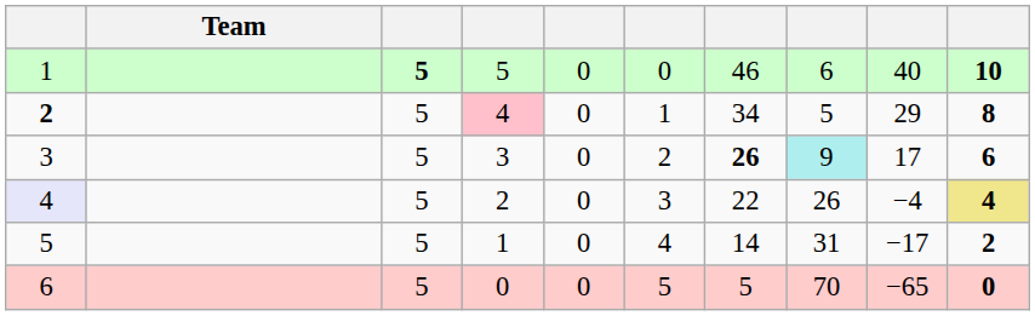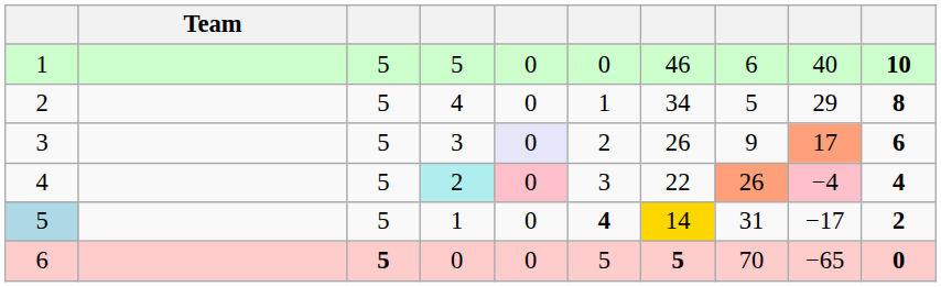 <table class="wikitable" style="text-align:center;">
 <tr>
 <th width=40></th>
 <th width=165>Team</th>
 <th width=40></th>
 <th width=40></th>
 <th width=40></th>
 <th width=40></th>
 <th width=40></th>
 <th width=40></th>
 <th width=40></th>
 <th width=40></th>
 </tr>
 <tr bgcolor="#ccffcc">
 <td>1</td>
 <td align=left></td>
-<td><strong>5</strong></td>
+<td>5</td>
 <td>5</td>
 <td>0</td>
 <td>0</td>
 <td>46</td>
 <td>6</td>
 <td>40</td>
 <td><strong>10</strong></td>
 </tr>
 <tr>
-<td><strong>2</strong></td>
+<td>2</td>
 <td align=left></td>
 <td>5</td>
-<td style="background: pink;">4</td>
+<td>4</td>
 <td>0</td>
 <td>1</td>
 <td>34</td>
 <td>5</td>
 <td>29</td>
 <td><strong>8</strong></td>
 </tr>
 <tr>
 <td>3</td>
 <td align=left></td>
 <td>5</td>
 <td>3</td>
-<td>0</td>
+<td style="background: lavender;">0</td>
 <td>2</td>
-<td><strong>26</strong></td>
-<td style="background: paleturquoise;">9</td>
-<td>17</td>
+<td>26</td>
+<td>9</td>
+<td style="background: lightsalmon;">17</td>
 <td><strong>6</strong></td>
 </tr>
 <tr>
-<td style="background: lavender;">4</td>
+<td>4</td>
 <td align=left></td>
 <td>5</td>
-<td>2</td>
-<td>0</td>
+<td style="background: paleturquoise;">2</td>
+<td style="background: pink;">0</td>
 <td>3</td>
 <td>22</td>
-<td>26</td>
-<td>−4</td>
-<td style="background: khaki;"><strong>4</strong></td>
+<td style="background: lightsalmon;">26</td>
+<td style="background: pink;">−4</td>
+<td><strong>4</strong></td>
 </tr>
 <tr>
-<td>5</td>
+<td style="background: lightblue;">5</td>
 <td align=left></td>
 <td>5</td>
 <td>1</td>
 <td>0</td>
-<td>4</td>
-<td>14</td>
+<td><strong>4</strong></td>
+<td style="background: gold;">14</td>
 <td>31</td>
 <td>−17</td>
 <td><strong>2</strong></td>
 </tr>
 <tr bgcolor="#ffcccc">
 <td>6</td>
 <td align=left></td>
-<td>5</td>
+<td><strong>5</strong></td>
 <td>0</td>
 <td>0</td>
 <td>5</td>
-<td>5</td>
+<td><strong>5</strong></td>
 <td>70</td>
 <td>−65</td>
 <td><strong>0</strong></td>
 </tr>
 </table>
